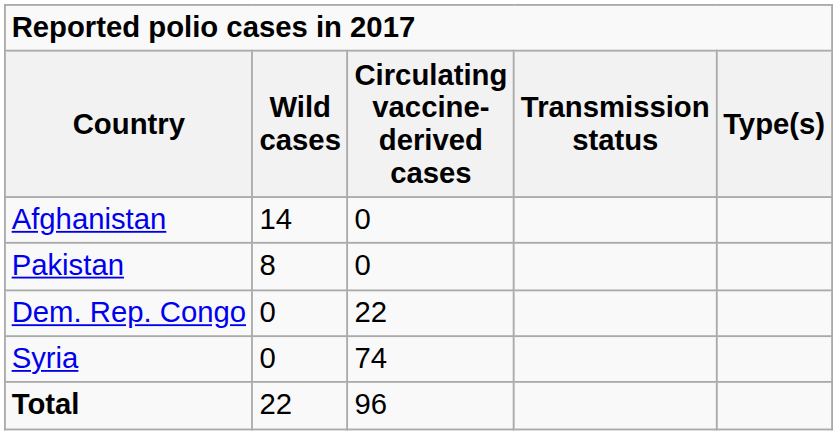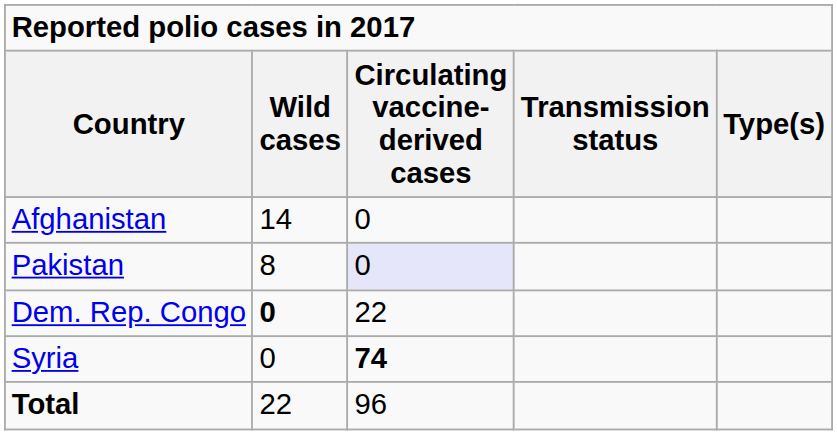 <table class="wikitable sortable mw-collapsible mw-collapsed" font-size:85%; margin-left:15px">
 <tr>
 <td colspan=5><div><strong>Reported polio cases in 2017</strong><br> </div></td>
 </tr>
 <tr>
 <th>Country</th>
 <th>Wild<br>cases</th>
 <th>Circulating<br>vaccine-<br>derived<br>cases</th>
 <th>Transmission<br>status</th>
 <th>Type(s)</th>
 </tr>
 <tr>
 <td><a href='#'>Afghanistan</a></td>
 <td>14</td>
 <td>0</td>
 <td></td>
 <td></td>
 </tr>
 <tr>
 <td><a href='#'>Pakistan</a></td>
 <td>8</td>
-<td>0</td>
+<td style="background: lavender;">0</td>
 <td></td>
 <td></td>
 </tr>
 <tr>
 <td><a href='#'>Dem. Rep. Congo</a></td>
-<td>0</td>
+<td><strong>0</strong></td>
 <td>22</td>
 <td></td>
 <td></td>
 </tr>
 <tr>
 <td><a href='#'>Syria</a></td>
 <td>0</td>
-<td>74</td>
+<td><strong>74</strong></td>
 <td></td>
 <td></td>
 </tr>
 <tr>
 <td><strong>Total</strong></td>
 <td>22</td>
 <td>96</td>
 <td></td>
 <td></td>
 </tr>
 </table>
